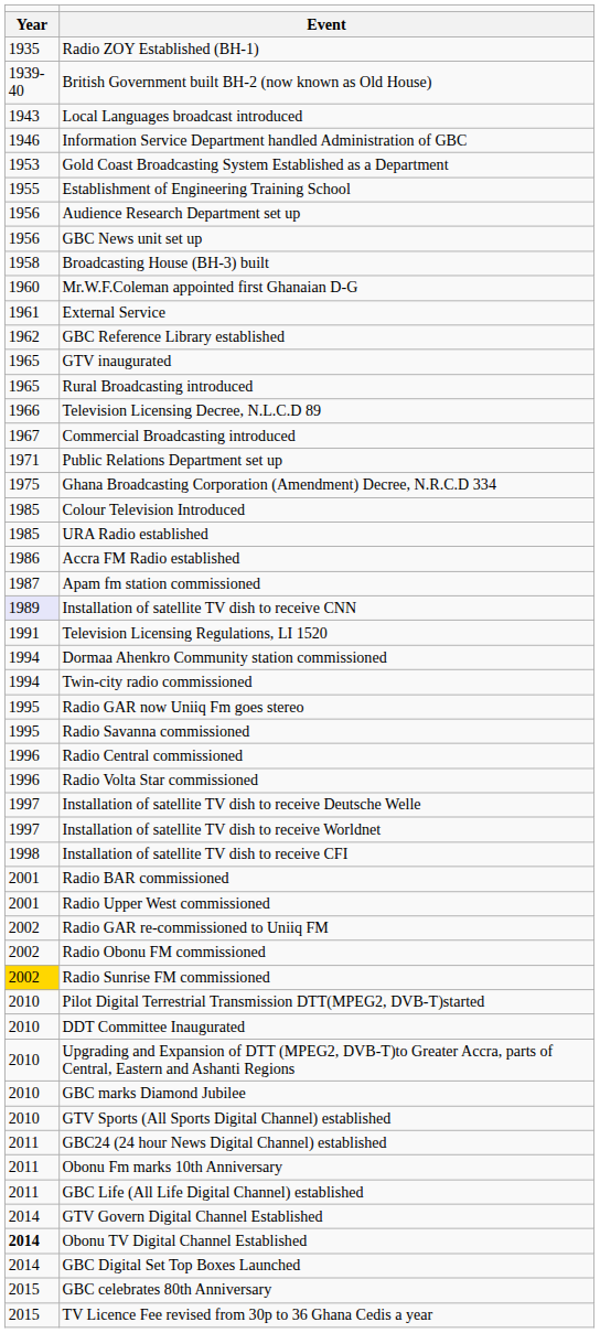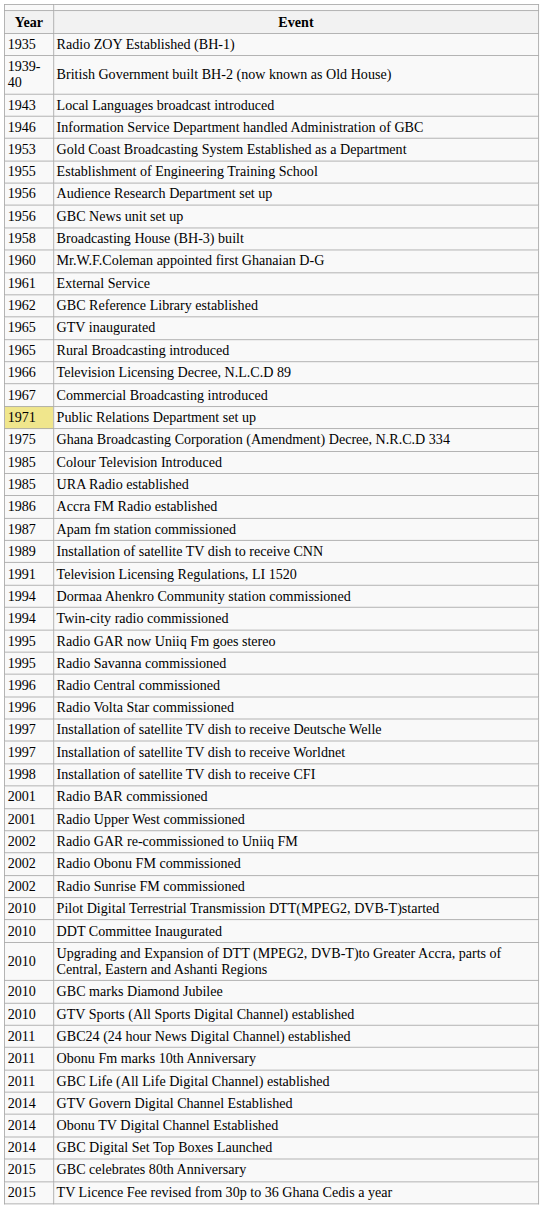 <table class="wikitable">
 <tr>
 <td></td>
 </tr>
 <tr>
 <th>Year</th>
 <th>Event</th>
 </tr>
 <tr>
 <td>1935</td>
 <td>Radio ZOY Established (BH-1)</td>
 </tr>
 <tr>
 <td>1939-40</td>
 <td>British Government built BH-2 (now known as Old House)</td>
 </tr>
 <tr>
 <td>1943</td>
 <td>Local Languages broadcast introduced</td>
 </tr>
 <tr>
 <td>1946</td>
 <td>Information Service Department handled Administration of GBC</td>
 </tr>
 <tr>
 <td>1953</td>
 <td>Gold Coast Broadcasting System Established as a Department</td>
 </tr>
 <tr>
 <td>1955</td>
 <td>Establishment of Engineering Training School</td>
 </tr>
 <tr>
 <td>1956</td>
 <td>Audience Research Department set up</td>
 </tr>
 <tr>
 <td>1956</td>
 <td>GBC News unit set up</td>
 </tr>
 <tr>
 <td>1958</td>
 <td>Broadcasting House (BH-3) built</td>
 </tr>
 <tr>
 <td>1960</td>
 <td>Mr.W.F.Coleman appointed first Ghanaian D-G</td>
 </tr>
 <tr>
 <td>1961</td>
 <td>External Service</td>
 </tr>
 <tr>
 <td>1962</td>
 <td>GBC Reference Library established</td>
 </tr>
 <tr>
 <td>1965</td>
 <td>GTV inaugurated</td>
 </tr>
 <tr>
 <td>1965</td>
 <td>Rural Broadcasting introduced</td>
 </tr>
 <tr>
 <td>1966</td>
 <td>Television Licensing Decree, N.L.C.D 89</td>
 </tr>
 <tr>
 <td>1967</td>
 <td>Commercial Broadcasting introduced</td>
 </tr>
 <tr>
-<td>1971</td>
+<td style="background: khaki;">1971</td>
 <td>Public Relations Department set up</td>
 </tr>
 <tr>
 <td>1975</td>
 <td>Ghana Broadcasting Corporation (Amendment) Decree, N.R.C.D 334</td>
 </tr>
 <tr>
 <td>1985</td>
 <td>Colour Television Introduced</td>
 </tr>
 <tr>
 <td>1985</td>
 <td>URA Radio established</td>
 </tr>
 <tr>
 <td>1986</td>
 <td>Accra FM Radio established</td>
 </tr>
 <tr>
 <td>1987</td>
 <td>Apam fm station commissioned</td>
 </tr>
 <tr>
-<td style="background: lavender;">1989</td>
+<td>1989</td>
 <td>Installation of satellite TV dish to receive CNN</td>
 </tr>
 <tr>
 <td>1991</td>
 <td>Television Licensing Regulations, LI 1520</td>
 </tr>
 <tr>
 <td>1994</td>
 <td>Dormaa Ahenkro Community station commissioned</td>
 </tr>
 <tr>
 <td>1994</td>
 <td>Twin-city radio commissioned</td>
 </tr>
 <tr>
 <td>1995</td>
 <td>Radio GAR now Uniiq Fm goes stereo</td>
 </tr>
 <tr>
 <td>1995</td>
 <td>Radio Savanna commissioned</td>
 </tr>
 <tr>
 <td>1996</td>
 <td>Radio Central commissioned</td>
 </tr>
 <tr>
 <td>1996</td>
 <td>Radio Volta Star commissioned</td>
 </tr>
 <tr>
 <td>1997</td>
 <td>Installation of satellite TV dish to receive Deutsche Welle</td>
 </tr>
 <tr>
 <td>1997</td>
 <td>Installation of satellite TV dish to receive Worldnet</td>
 </tr>
 <tr>
 <td>1998</td>
 <td>Installation of satellite TV dish to receive CFI</td>
 </tr>
 <tr>
 <td>2001</td>
 <td>Radio BAR commissioned</td>
 </tr>
 <tr>
 <td>2001</td>
 <td>Radio Upper West commissioned</td>
 </tr>
 <tr>
 <td>2002</td>
 <td>Radio GAR re-commissioned to Uniiq FM</td>
 </tr>
 <tr>
 <td>2002</td>
 <td>Radio Obonu FM commissioned</td>
 </tr>
 <tr>
-<td style="background: gold;">2002</td>
+<td>2002</td>
 <td>Radio Sunrise FM commissioned</td>
 </tr>
 <tr>
 <td>2010</td>
 <td>Pilot Digital Terrestrial Transmission DTT(MPEG2, DVB-T)started</td>
 </tr>
 <tr>
 <td>2010</td>
 <td>DDT Committee Inaugurated</td>
 </tr>
 <tr>
 <td>2010</td>
 <td>Upgrading and Expansion of DTT (MPEG2, DVB-T)to Greater Accra, parts of Central, Eastern and Ashanti Regions</td>
 </tr>
 <tr>
 <td>2010</td>
 <td>GBC marks Diamond Jubilee</td>
 </tr>
 <tr>
 <td>2010</td>
 <td>GTV Sports (All Sports Digital Channel) established</td>
 </tr>
 <tr>
 <td>2011</td>
 <td>GBC24 (24 hour News Digital Channel) established</td>
 </tr>
 <tr>
 <td>2011</td>
 <td>Obonu Fm marks 10th Anniversary</td>
 </tr>
 <tr>
 <td>2011</td>
 <td>GBC Life (All Life Digital Channel) established</td>
 </tr>
 <tr>
 <td>2014</td>
 <td>GTV Govern Digital Channel Established</td>
 </tr>
 <tr>
-<td><strong>2014</strong></td>
+<td>2014</td>
 <td>Obonu TV Digital Channel Established</td>
 </tr>
 <tr>
 <td>2014</td>
 <td>GBC Digital Set Top Boxes Launched</td>
 </tr>
 <tr>
 <td>2015</td>
 <td>GBC celebrates 80th Anniversary</td>
 </tr>
 <tr>
 <td>2015</td>
 <td>TV Licence Fee revised from 30p to 36 Ghana Cedis a year</td>
 </tr>
 </table>
